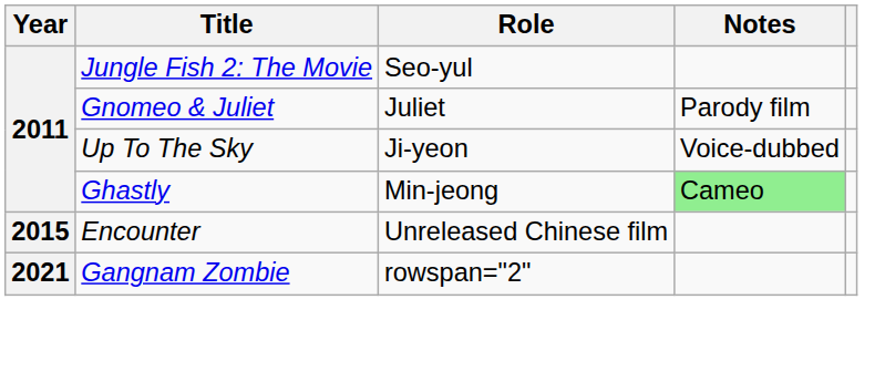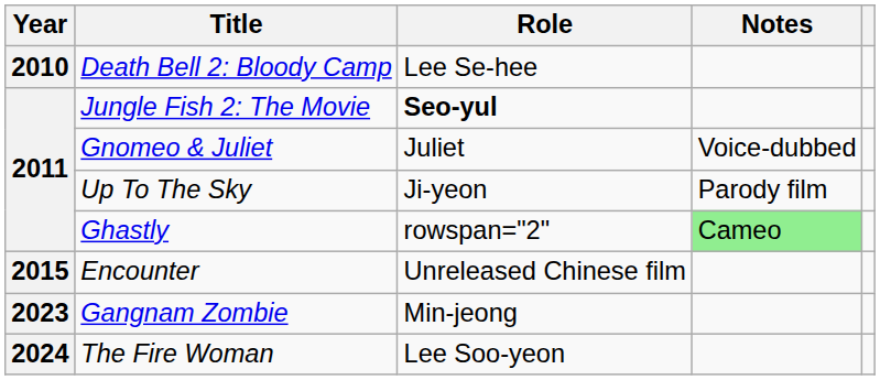 <table class="wikitable plainrowheaders">
 <tr>
 <th scope="col">Year</th>
 <th scope="col">Title</th>
 <th scope="col">Role</th>
 <th scope="col">Notes</th>
 <th scope="col" class="unsortable"></th>
 </tr>
 <tr>
+<th scope="row">2010</th>
+<td><em><a href='#'>Death Bell 2: Bloody Camp</a></em></td>
+<td>Lee Se-hee</td>
+<td></td>
+<td style="text-align:center"></td>
+</tr>
+<tr>
 <th rowspan="4" scope="row">2011</th>
 <td><a href='#'><em>Jungle Fish 2: The Movie</em></a></td>
-<td>Seo-yul</td>
+<td><strong>Seo-yul</strong></td>
 <td></td>
 <td style="text-align:center"></td>
 </tr>
 <tr>
 <td><em><a href='#'>Gnomeo & Juliet</a></em></td>
 <td>Juliet</td>
-<td>Parody film</td>
+<td>Voice-dubbed</td>
 <td style="text-align:center"></td>
 </tr>
 <tr>
 <td><em>Up To The Sky</em></td>
 <td>Ji-yeon</td>
-<td>Voice-dubbed</td>
+<td>Parody film</td>
 <td style="text-align:center"></td>
 </tr>
 <tr>
 <td><em><a href='#'>Ghastly</a></em></td>
-<td>Min-jeong</td>
+<td>rowspan="2" </td>
 <td style="background: lightgreen;">Cameo</td>
 <td style="text-align:center"></td>
 </tr>
 <tr>
 <th scope="row">2015</th>
 <td><em>Encounter</em></td>
 <td>Unreleased Chinese film</td>
 <td style="text-align:center"></td>
 </tr>
 <tr>
-<th scope="row">2021</th>
+<th scope="row">2023</th>
 <td><em><a href='#'>Gangnam Zombie</a></em></td>
-<td>rowspan="2" </td>
+<td>Min-jeong</td>
+<td></td>
+<td style="text-align:center"></td>
+</tr>
+<tr>
+<th scope="row">2024</th>
+<td><em>The Fire Woman</em></td>
+<td>Lee Soo-yeon</td>
 <td></td>
 <td style="text-align:center"></td>
 </tr>
 </table>
